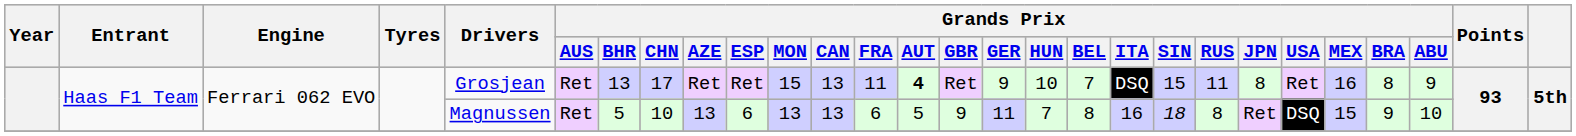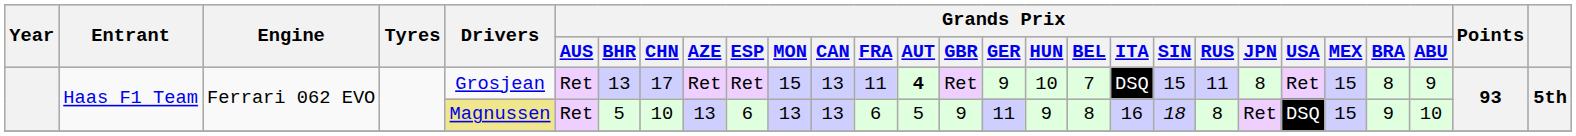 <table class="wikitable" style="text-align:center; font-size:90%">
 <tr>
 <th rowspan="2">Year</th>
 <th rowspan="2">Entrant</th>
 <th rowspan="2">Engine</th>
 <th rowspan="2">Tyres</th>
 <th rowspan="2">Drivers</th>
 <th colspan="21">Grands Prix</th>
 <th rowspan="2">Points</th>
 <th rowspan="2"></th>
 </tr>
 <tr>
 <th><a href='#'>AUS</a></th>
 <th><a href='#'>BHR</a></th>
 <th><a href='#'>CHN</a></th>
 <th><a href='#'>AZE</a></th>
 <th><a href='#'>ESP</a></th>
 <th><a href='#'>MON</a></th>
 <th><a href='#'>CAN</a></th>
 <th><a href='#'>FRA</a></th>
 <th><a href='#'>AUT</a></th>
 <th><a href='#'>GBR</a></th>
 <th><a href='#'>GER</a></th>
 <th><a href='#'>HUN</a></th>
 <th><a href='#'>BEL</a></th>
 <th><a href='#'>ITA</a></th>
 <th><a href='#'>SIN</a></th>
 <th><a href='#'>RUS</a></th>
 <th><a href='#'>JPN</a></th>
 <th><a href='#'>USA</a></th>
 <th><a href='#'>MEX</a></th>
 <th><a href='#'>BRA</a></th>
 <th><a href='#'>ABU</a></th>
 </tr>
 <tr>
 <th rowspan="2"></th>
 <td rowspan="2"><a href='#'>Haas F1 Team</a></td>
 <td rowspan="2">Ferrari 062 EVO</td>
 <td rowspan="2"></td>
 <td><a href='#'>Grosjean</a></td>
 <td style="background-color:#efcfff">Ret</td>
 <td style="background-color:#cfcfff">13</td>
 <td style="background-color:#cfcfff">17</td>
 <td style="background-color:#efcfff">Ret</td>
 <td style="background-color:#efcfff">Ret</td>
 <td style="background-color:#cfcfff">15</td>
 <td style="background-color:#cfcfff">13</td>
 <td style="background-color:#cfcfff">11</td>
 <td style="background-color:#dfffdf"><strong>4</strong></td>
 <td style="background-color:#efcfff">Ret</td>
 <td style="background-color:#dfffdf">9</td>
 <td style="background-color:#dfffdf">10</td>
 <td style="background-color:#dfffdf">7</td>
 <td style="background:#000000; color:white">DSQ</td>
 <td style="background-color:#cfcfff">15</td>
 <td style="background-color:#cfcfff">11</td>
 <td style="background-color:#dfffdf">8</td>
 <td style="background-color:#efcfff">Ret</td>
-<td style="background-color:#cfcfff">16</td>
+<td style="background-color:#cfcfff">15</td>
 <td style="background-color:#dfffdf">8</td>
 <td style="background-color:#dfffdf">9</td>
 <th rowspan="2">93</th>
 <th rowspan="2">5th</th>
 </tr>
 <tr>
-<td><a href='#'>Magnussen</a></td>
+<td style="background: khaki;"><a href='#'>Magnussen</a></td>
 <td style="background-color:#efcfff">Ret</td>
 <td style="background-color:#dfffdf">5</td>
 <td style="background-color:#dfffdf">10</td>
 <td style="background-color:#cfcfff">13</td>
 <td style="background-color:#dfffdf">6</td>
 <td style="background-color:#cfcfff">13</td>
 <td style="background-color:#cfcfff">13</td>
 <td style="background-color:#dfffdf">6</td>
 <td style="background-color:#dfffdf">5</td>
 <td style="background-color:#dfffdf">9</td>
 <td style="background-color:#cfcfff">11</td>
-<td style="background-color:#dfffdf">7</td>
+<td style="background-color:#dfffdf">9</td>
 <td style="background-color:#dfffdf">8</td>
 <td style="background-color:#cfcfff">16</td>
 <td style="background-color:#cfcfff"><em>18</em></td>
 <td style="background-color:#dfffdf">8</td>
 <td style="background-color:#efcfff">Ret</td>
 <td style="background:#000000; color:white">DSQ</td>
 <td style="background-color:#cfcfff">15</td>
 <td style="background-color:#dfffdf">9</td>
 <td style="background-color:#dfffdf">10</td>
 </tr>
 <tr>
 </tr>
 </table>
